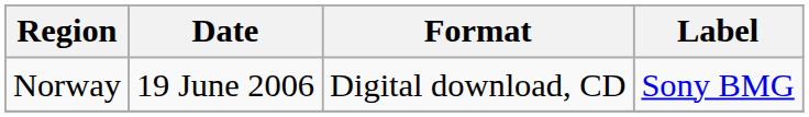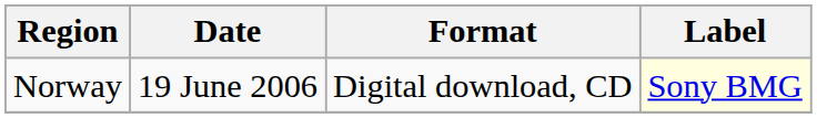 <table class=wikitable>
 <tr>
 <th>Region</th>
 <th>Date</th>
 <th>Format</th>
 <th>Label</th>
 </tr>
 <tr>
 <td>Norway</td>
 <td>19 June 2006</td>
 <td>Digital download, CD</td>
-<td><a href='#'>Sony BMG</a></td>
+<td style="background: lightyellow;"><a href='#'>Sony BMG</a></td>
 </tr>
 <tr>
 </tr>
 </table>
